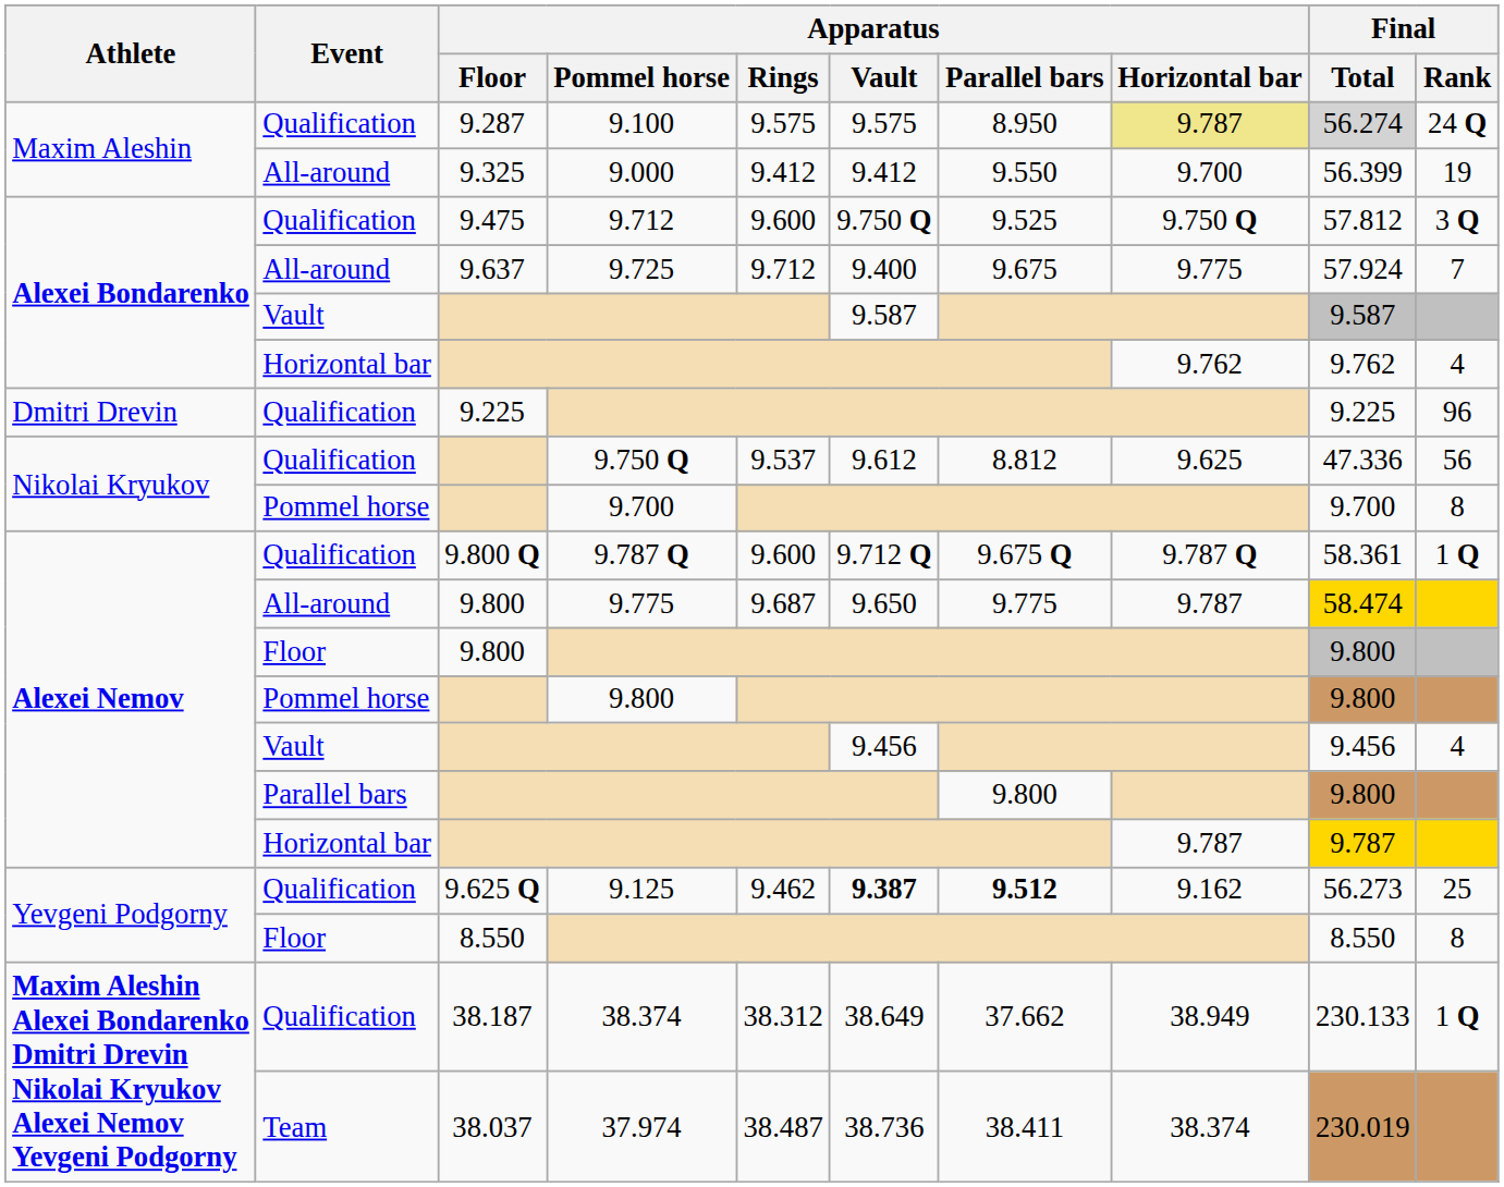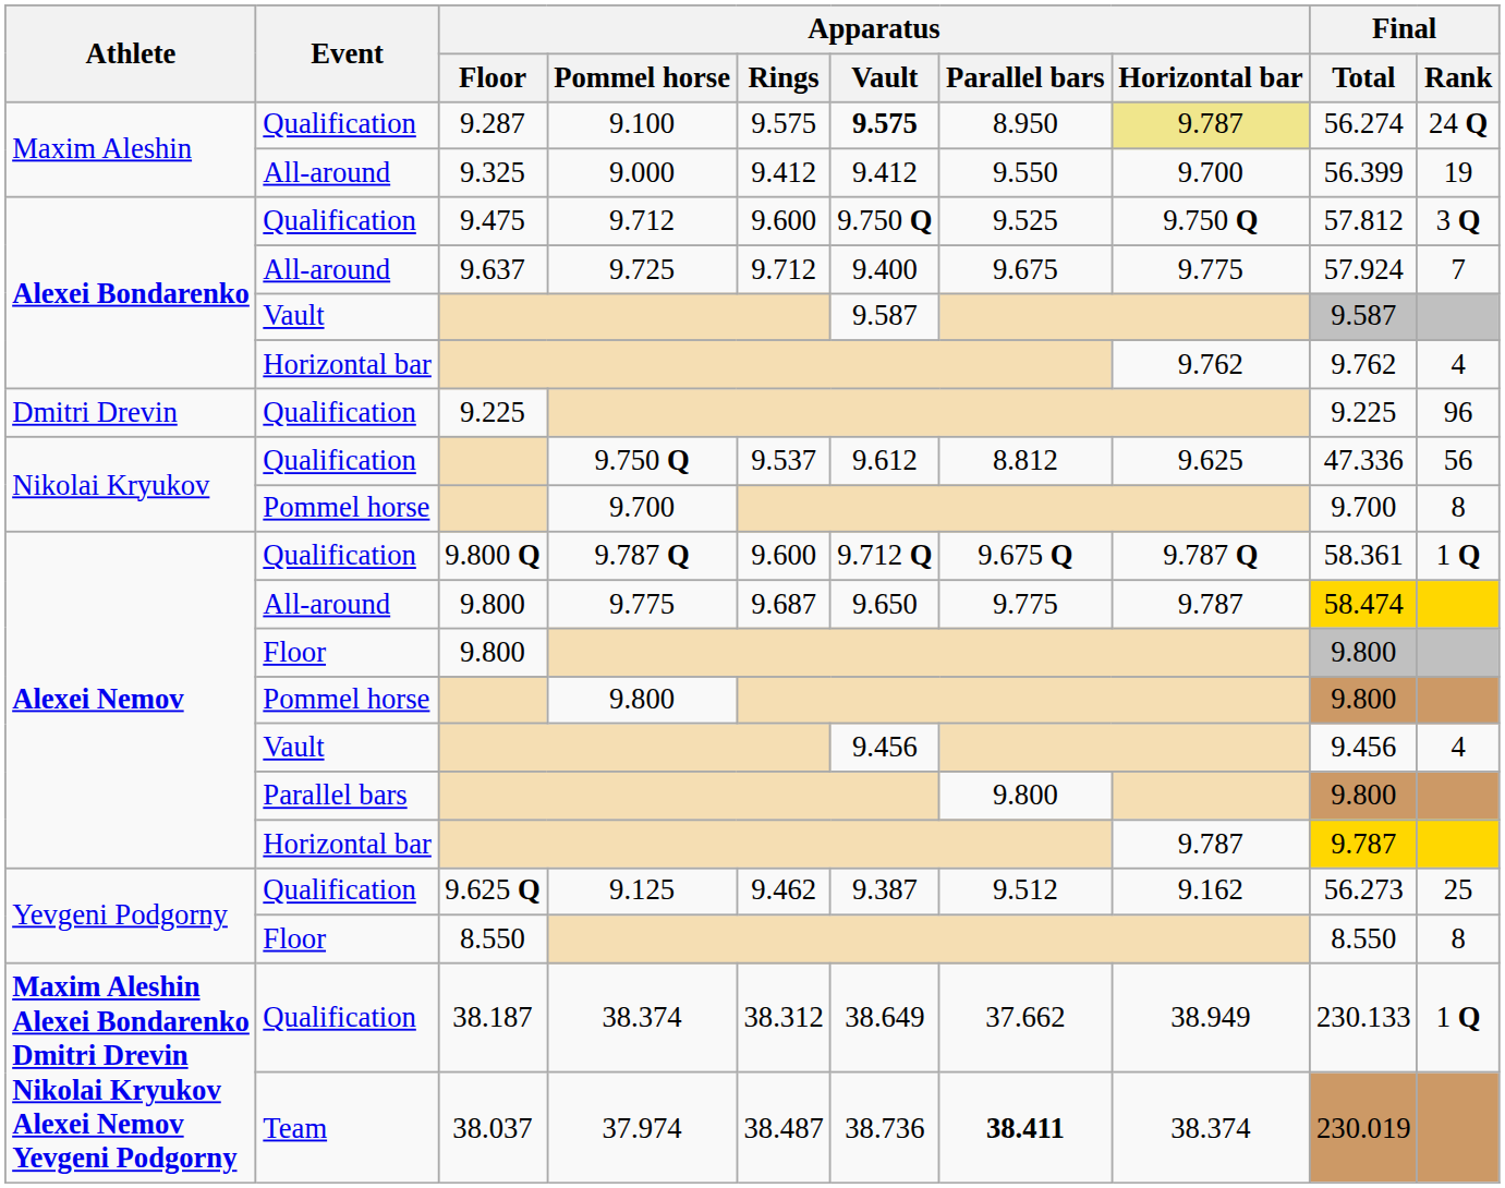 <table class="wikitable" style="font-size:90%">
 <tr>
 <th rowspan="2">Athlete</th>
 <th rowspan="2">Event</th>
 <th colspan = "6">Apparatus</th>
 <th colspan = "2">Final</th>
 </tr>
 <tr>
 <th>Floor</th>
 <th>Pommel horse</th>
 <th>Rings</th>
 <th>Vault</th>
 <th>Parallel bars</th>
 <th>Horizontal bar</th>
 <th>Total</th>
 <th>Rank</th>
 </tr>
 <tr>
 <td rowspan=2><a href='#'>Maxim Aleshin</a></td>
 <td><a href='#'>Qualification</a></td>
 <td align=center>9.287</td>
 <td align=center>9.100</td>
 <td align=center>9.575</td>
-<td align=center>9.575</td>
+<td align=center><strong>9.575</strong></td>
 <td align=center>8.950</td>
 <td align=center style="background: khaki;">9.787</td>
-<td align="center" style="background: lightgrey;">56.274</td>
+<td align="center">56.274</td>
 <td align="center">24 <strong>Q</strong></td>
 </tr>
 <tr>
 <td><a href='#'>All-around</a></td>
 <td align=center>9.325</td>
 <td align=center>9.000</td>
 <td align=center>9.412</td>
 <td align=center>9.412</td>
 <td align=center>9.550</td>
 <td align=center>9.700</td>
 <td align=center>56.399</td>
 <td align=center>19</td>
 </tr>
 <tr>
 <td rowspan=4><strong><a href='#'>Alexei Bondarenko</a></strong></td>
 <td><a href='#'>Qualification</a></td>
 <td align=center>9.475</td>
 <td align=center>9.712</td>
 <td align=center>9.600</td>
 <td align=center>9.750 <strong>Q</strong></td>
 <td align=center>9.525</td>
 <td align=center>9.750 <strong>Q</strong></td>
 <td align="center">57.812</td>
 <td align="center">3 <strong>Q</strong></td>
 </tr>
 <tr>
 <td><a href='#'>All-around</a></td>
 <td align=center>9.637</td>
 <td align=center>9.725</td>
 <td align=center>9.712</td>
 <td align=center>9.400</td>
 <td align=center>9.675</td>
 <td align=center>9.775</td>
 <td align=center>57.924</td>
 <td align=center>7</td>
 </tr>
 <tr>
 <td><a href='#'>Vault</a></td>
 <td align=center colspan="3" bgcolor="wheat"></td>
 <td align=center>9.587</td>
 <td align=center colspan="2" bgcolor="wheat"></td>
 <td align=center bgcolor=silver>9.587</td>
 <td align=center bgcolor=silver></td>
 </tr>
 <tr>
 <td><a href='#'>Horizontal bar</a></td>
 <td align=center colspan="5" bgcolor="wheat"></td>
 <td align=center>9.762</td>
 <td align=center>9.762</td>
 <td align=center>4</td>
 </tr>
 <tr>
 <td><a href='#'>Dmitri Drevin</a></td>
 <td><a href='#'>Qualification</a></td>
 <td align=center>9.225</td>
 <td align=center colspan="5" bgcolor="wheat"></td>
 <td align="center">9.225</td>
 <td align="center">96</td>
 </tr>
 <tr>
 <td rowspan=2><a href='#'>Nikolai Kryukov</a></td>
 <td><a href='#'>Qualification</a></td>
 <td bgcolor="wheat"></td>
 <td align=center>9.750 <strong>Q</strong></td>
 <td align=center>9.537</td>
 <td align=center>9.612</td>
 <td align=center>8.812</td>
 <td align=center>9.625</td>
 <td align="center">47.336</td>
 <td align="center">56</td>
 </tr>
 <tr>
 <td><a href='#'>Pommel horse</a></td>
 <td align=center colspan="1" bgcolor="wheat"></td>
 <td align=center>9.700</td>
 <td align=center colspan="4" bgcolor="wheat"></td>
 <td align=center>9.700</td>
 <td align=center>8</td>
 </tr>
 <tr>
 <td rowspan=7><strong><a href='#'>Alexei Nemov</a></strong></td>
 <td><a href='#'>Qualification</a></td>
 <td align=center>9.800 <strong>Q</strong></td>
 <td align=center>9.787 <strong>Q</strong></td>
 <td align=center>9.600</td>
 <td align=center>9.712 <strong>Q</strong></td>
 <td align=center>9.675 <strong>Q</strong></td>
 <td align=center>9.787 <strong>Q</strong></td>
 <td align="center">58.361</td>
 <td align="center">1 <strong>Q</strong></td>
 </tr>
 <tr>
 <td><a href='#'>All-around</a></td>
 <td align=center>9.800</td>
 <td align=center>9.775</td>
 <td align=center>9.687</td>
 <td align=center>9.650</td>
 <td align=center>9.775</td>
 <td align=center>9.787</td>
 <td align=center bgcolor=gold>58.474</td>
 <td align=center bgcolor=gold></td>
 </tr>
 <tr>
 <td><a href='#'>Floor</a></td>
 <td align=center>9.800</td>
 <td align=center colspan="5" bgcolor="wheat"></td>
 <td align=center bgcolor=silver>9.800</td>
 <td align=center bgcolor=silver></td>
 </tr>
 <tr>
 <td><a href='#'>Pommel horse</a></td>
 <td align=center colspan="1" bgcolor="wheat"></td>
 <td align=center>9.800</td>
 <td align=center colspan="4" bgcolor="wheat"></td>
 <td align=center bgcolor=cc9966>9.800</td>
 <td align=center bgcolor=cc9966></td>
 </tr>
 <tr>
 <td><a href='#'>Vault</a></td>
 <td align=center colspan="3" bgcolor="wheat"></td>
 <td align=center>9.456</td>
 <td align=center colspan="2" bgcolor="wheat"></td>
 <td align=center>9.456</td>
 <td align=center>4</td>
 </tr>
 <tr>
 <td><a href='#'>Parallel bars</a></td>
 <td align=center colspan="4" bgcolor="wheat"></td>
 <td align=center>9.800</td>
 <td align=center colspan="1" bgcolor="wheat"></td>
 <td align=center bgcolor=cc9966>9.800</td>
 <td align=center bgcolor=cc9966></td>
 </tr>
 <tr>
 <td><a href='#'>Horizontal bar</a></td>
 <td align=center colspan="5" bgcolor="wheat"></td>
 <td align=center>9.787</td>
 <td align=center bgcolor=gold>9.787</td>
 <td align=center bgcolor=gold></td>
 </tr>
 <tr>
 <td rowspan=2><a href='#'>Yevgeni Podgorny</a></td>
 <td><a href='#'>Qualification</a></td>
 <td align=center>9.625 <strong>Q</strong></td>
 <td align=center>9.125</td>
 <td align=center>9.462</td>
-<td align=center><strong>9.387</strong></td>
-<td align=center><strong>9.512</strong></td>
+<td align=center>9.387</td>
+<td align=center>9.512</td>
 <td align=center>9.162</td>
 <td align="center">56.273</td>
 <td align="center">25</td>
 </tr>
 <tr>
 <td><a href='#'>Floor</a></td>
 <td align=center>8.550</td>
 <td align=center colspan="5" bgcolor="wheat"></td>
 <td align=center>8.550</td>
 <td align=center>8</td>
 </tr>
 <tr>
 <td rowspan=2><strong><a href='#'>Maxim Aleshin</a><br><a href='#'>Alexei Bondarenko</a><br><a href='#'>Dmitri Drevin</a><br><a href='#'>Nikolai Kryukov</a><br><a href='#'>Alexei Nemov</a><br><a href='#'>Yevgeni Podgorny</a></strong></td>
 <td><a href='#'>Qualification</a></td>
 <td align=center>38.187</td>
 <td align=center>38.374</td>
 <td align=center>38.312</td>
 <td align=center>38.649</td>
 <td align=center>37.662</td>
 <td align=center>38.949</td>
 <td align="center">230.133</td>
 <td align="center">1 <strong>Q</strong></td>
 </tr>
 <tr>
 <td><a href='#'>Team</a></td>
 <td align=center>38.037</td>
 <td align=center>37.974</td>
 <td align=center>38.487</td>
 <td align=center>38.736</td>
-<td align=center>38.411</td>
+<td align=center><strong>38.411</strong></td>
 <td align=center>38.374</td>
 <td align=center bgcolor=cc9966>230.019</td>
 <td align=center bgcolor=cc9966></td>
 </tr>
 </table>
